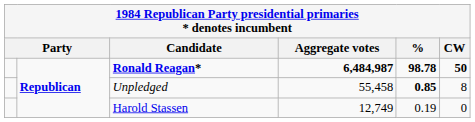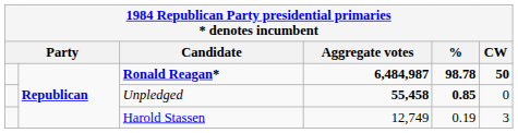 <table class="wikitable">
 <tr>
 <th colspan=6 style="background:#f5f5f5"><a href='#'>1984 Republican Party presidential primaries</a><br>* denotes incumbent</th>
 </tr>
 <tr>
 <th style="width: 8em;" colspan=2>Party</th>
 <th>Candidate</th>
 <th>Aggregate votes</th>
 <th>%</th>
 <th><abbr>CW</abbr></th>
 </tr>
 <tr>
 <td style="background-color: "></td>
 <td style="width: 7em;" rowspan=3><strong><a href='#'>Republican</a></strong></td>
 <td style="width: 13em;"><strong><a href='#'>Ronald Reagan</a>*</strong></td>
 <td style="width: 9em; text-align:right"><strong>6,484,987</strong></td>
 <td style="width: 3em; text-align:right"><strong>98.78</strong></td>
 <td style="width: 2em; text-align:right"><strong>50</strong></td>
 </tr>
 <tr>
 <td style="background-color: "></td>
 <td><em>Unpledged</em></td>
-<td style="text-align:right">55,458</td>
+<td style="text-align:right"><strong>55,458</strong></td>
 <td style="text-align:right"><strong>0.85</strong></td>
-<td style="text-align:right">8</td>
+<td style="text-align:right">0</td>
 </tr>
 <tr>
 <td style="background-color: "></td>
 <td><a href='#'>Harold Stassen</a></td>
 <td style="text-align:right">12,749</td>
 <td style="text-align:right">0.19</td>
-<td style="text-align:right">0</td>
+<td style="text-align:right">3</td>
 </tr>
 </table>
